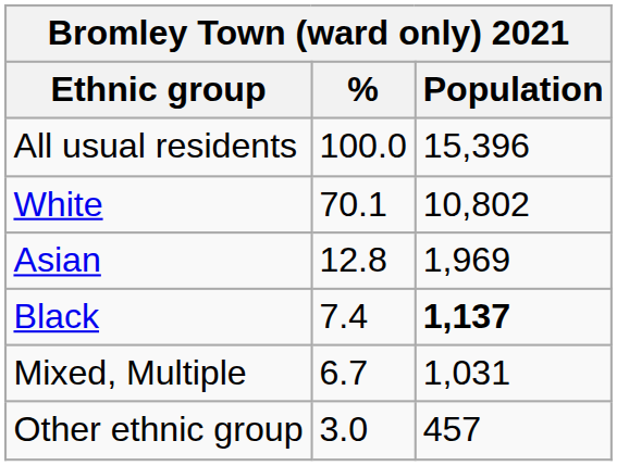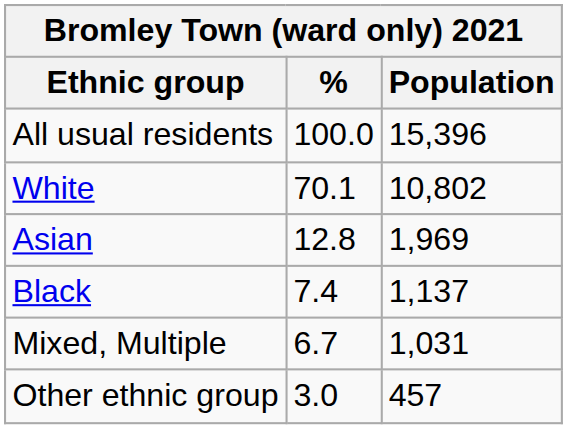 <table class="wikitable float right" style="font-size:97%;">
 <tr>
 <th colspan="5">Bromley Town (ward only) 2021</th>
 </tr>
 <tr>
 <th>Ethnic group</th>
 <th>%</th>
 <th>Population</th>
 </tr>
 <tr>
 <td>All usual residents</td>
 <td>100.0</td>
 <td>15,396</td>
 </tr>
 <tr>
 <td><a href='#'>White</a></td>
 <td>70.1</td>
 <td>10,802</td>
 </tr>
 <tr>
 <td><a href='#'>Asian</a></td>
 <td>12.8</td>
 <td>1,969</td>
 </tr>
 <tr>
 <td><a href='#'>Black</a></td>
 <td>7.4</td>
-<td><strong>1,137</strong></td>
+<td>1,137</td>
 </tr>
 <tr>
 <td>Mixed, Multiple</td>
 <td>6.7</td>
 <td>1,031</td>
 </tr>
 <tr>
 <td>Other ethnic group</td>
 <td>3.0</td>
 <td>457</td>
 </tr>
 </table>
